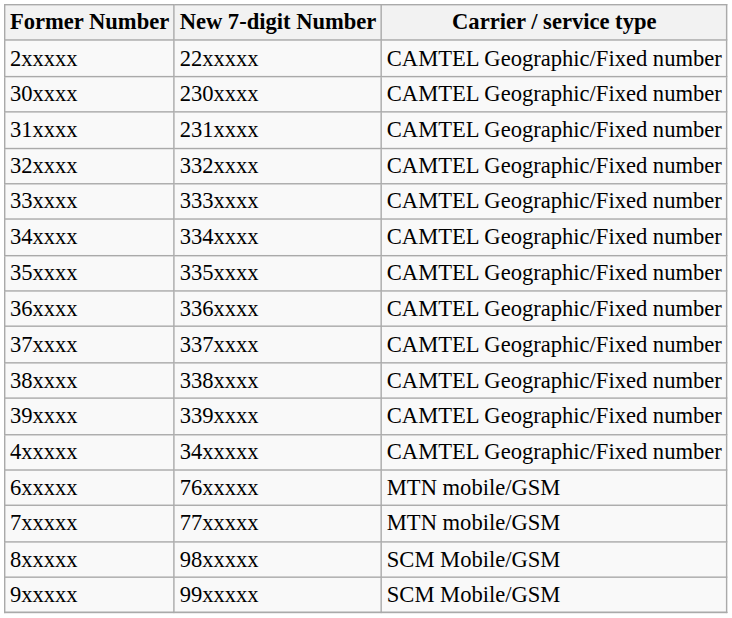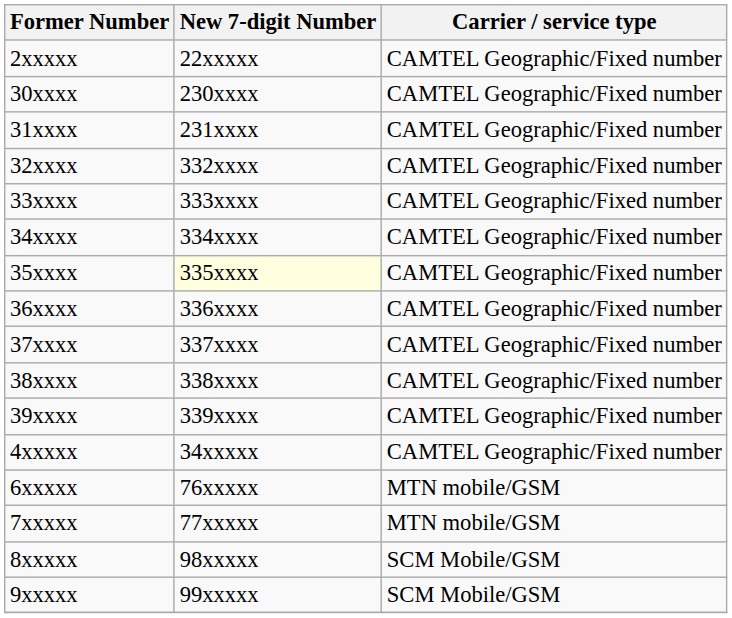 <table class="wikitable" border=1>
 <tr>
 <th>Former Number</th>
 <th>New 7-digit Number</th>
 <th>Carrier / service type </th>
 </tr>
 <tr>
 <td>2xxxxx</td>
 <td>22xxxxx</td>
 <td>CAMTEL Geographic/Fixed number</td>
 </tr>
 <tr>
 <td>30xxxx</td>
 <td>230xxxx</td>
 <td>CAMTEL Geographic/Fixed number</td>
 </tr>
 <tr>
 <td>31xxxx</td>
 <td>231xxxx</td>
 <td>CAMTEL Geographic/Fixed number</td>
 </tr>
 <tr>
 <td>32xxxx</td>
 <td>332xxxx</td>
 <td>CAMTEL Geographic/Fixed number</td>
 </tr>
 <tr>
 <td>33xxxx</td>
 <td>333xxxx</td>
 <td>CAMTEL Geographic/Fixed number</td>
 </tr>
 <tr>
 <td>34xxxx</td>
 <td>334xxxx</td>
 <td>CAMTEL Geographic/Fixed number</td>
 </tr>
 <tr>
 <td>35xxxx</td>
-<td>335xxxx</td>
+<td style="background: lightyellow;">335xxxx</td>
 <td>CAMTEL Geographic/Fixed number</td>
 </tr>
 <tr>
 <td>36xxxx</td>
 <td>336xxxx</td>
 <td>CAMTEL Geographic/Fixed number</td>
 </tr>
 <tr>
 <td>37xxxx</td>
 <td>337xxxx</td>
 <td>CAMTEL Geographic/Fixed number</td>
 </tr>
 <tr>
 <td>38xxxx</td>
 <td>338xxxx</td>
 <td>CAMTEL Geographic/Fixed number</td>
 </tr>
 <tr>
 <td>39xxxx</td>
 <td>339xxxx</td>
 <td>CAMTEL Geographic/Fixed number</td>
 </tr>
 <tr>
 <td>4xxxxx</td>
 <td>34xxxxx</td>
 <td>CAMTEL Geographic/Fixed number</td>
 </tr>
 <tr>
 <td>6xxxxx</td>
 <td>76xxxxx</td>
 <td>MTN mobile/GSM</td>
 </tr>
 <tr>
 <td>7xxxxx</td>
 <td>77xxxxx</td>
 <td>MTN mobile/GSM</td>
 </tr>
 <tr>
 <td>8xxxxx</td>
 <td>98xxxxx</td>
 <td>SCM Mobile/GSM</td>
 </tr>
 <tr>
 <td>9xxxxx</td>
 <td>99xxxxx</td>
 <td>SCM Mobile/GSM</td>
 </tr>
 <tr>
 </tr>
 </table>
